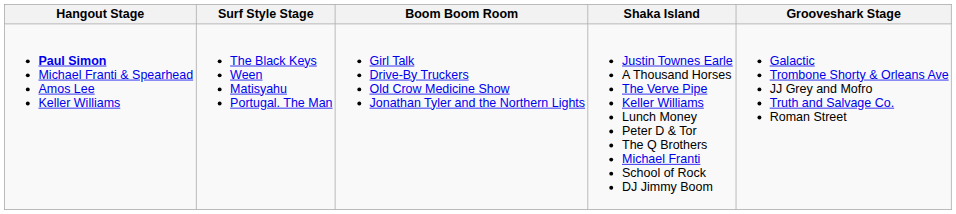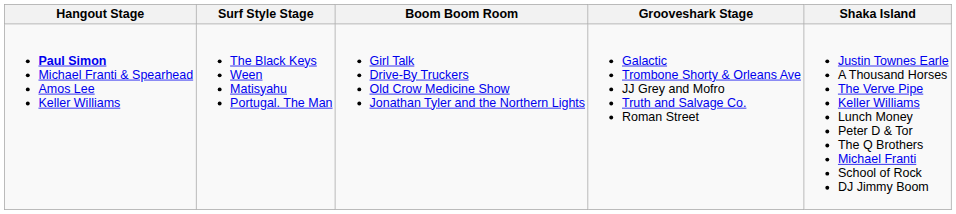 <table class="wikitable">
 <tr>
 <th>Hangout Stage</th>
 <th>Surf Style Stage</th>
 <th>Boom Boom Room</th>
+<th>Grooveshark Stage</th>
 <th>Shaka Island</th>
-<th>Grooveshark Stage</th>
 </tr>
 <tr valign="top">
 <td><br><ul><li><strong><a href='#'>Paul Simon</a></strong></li><li><a href='#'>Michael Franti & Spearhead</a></li><li><a href='#'>Amos Lee</a></li><li><a href='#'>Keller Williams</a></li></ul></td>
 <td><br><ul><li><a href='#'>The Black Keys</a></li><li><a href='#'>Ween</a></li><li><a href='#'>Matisyahu</a></li><li><a href='#'>Portugal. The Man</a></li></ul></td>
 <td><br><ul><li><a href='#'>Girl Talk</a></li><li><a href='#'>Drive-By Truckers</a></li><li><a href='#'>Old Crow Medicine Show</a></li><li><a href='#'>Jonathan Tyler and the Northern Lights</a></li></ul></td>
+<td><br><ul><li><a href='#'>Galactic</a></li><li><a href='#'>Trombone Shorty & Orleans Ave</a></li><li>JJ Grey and Mofro</li><li><a href='#'>Truth and Salvage Co.</a></li><li>Roman Street</li></ul></td>
 <td><br><ul><li><a href='#'>Justin Townes Earle</a></li><li>A Thousand Horses</li><li><a href='#'>The Verve Pipe</a></li><li><a href='#'>Keller Williams</a></li><li>Lunch Money</li><li>Peter D & Tor</li><li>The Q Brothers</li><li><a href='#'>Michael Franti</a></li><li>School of Rock</li><li>DJ Jimmy Boom</li></ul></td>
-<td><br><ul><li><a href='#'>Galactic</a></li><li><a href='#'>Trombone Shorty & Orleans Ave</a></li><li>JJ Grey and Mofro</li><li><a href='#'>Truth and Salvage Co.</a></li><li>Roman Street</li></ul></td>
 </tr>
 </table>
